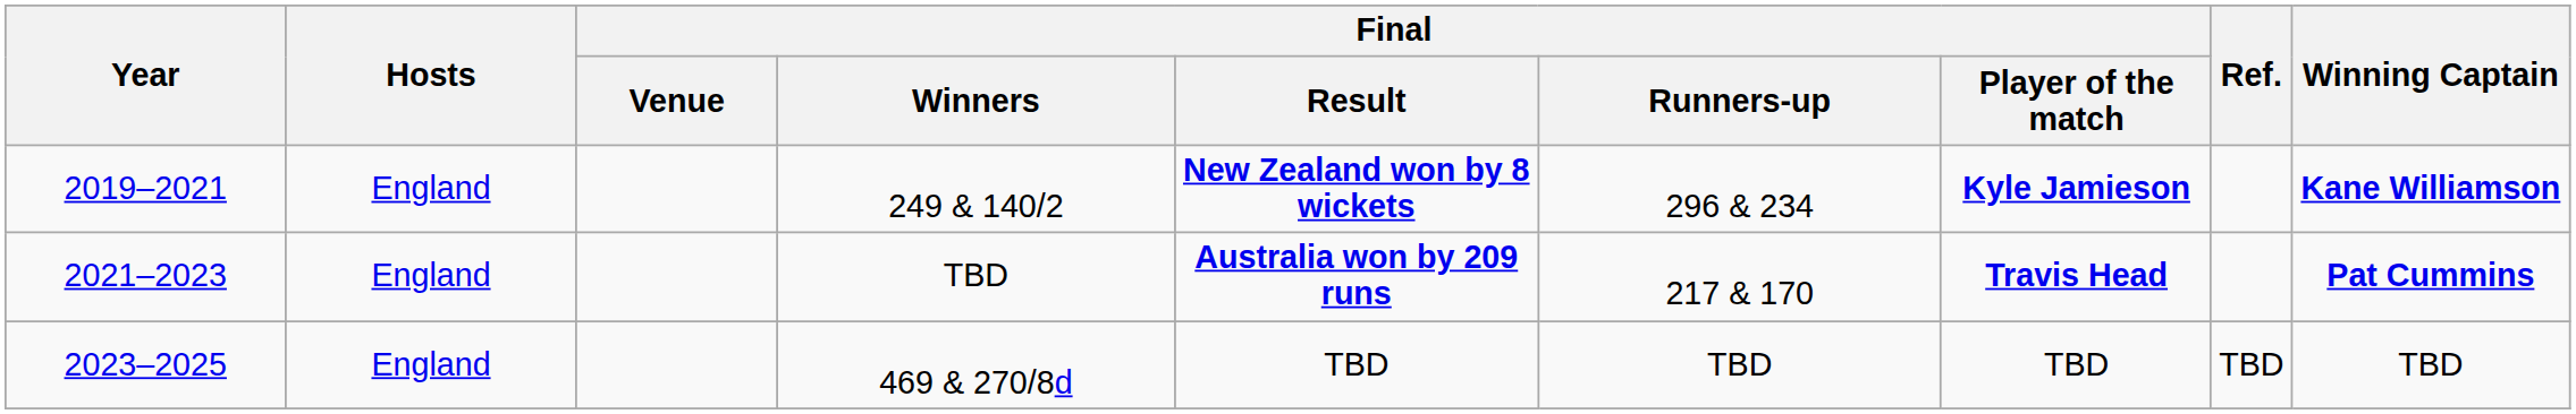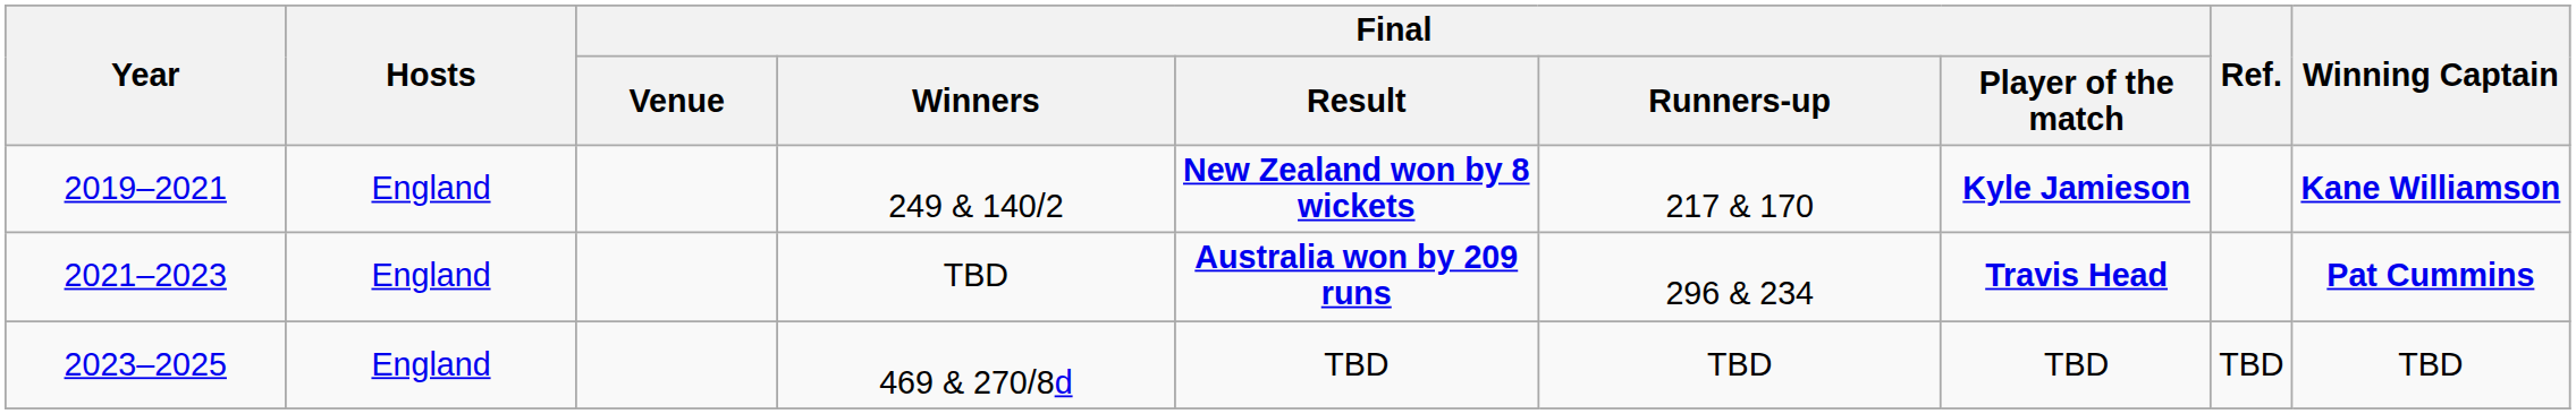 <table class="wikitable sortable" style="text-align: center;" width=100%>
 <tr>
 <th rowspan="2" scope="col" style="width:12em; padding:1px;">Year</th>
 <th rowspan="2" scope="col" style="width:12em; padding:1px;">Hosts</th>
 <th colspan="5">Final</th>
 <th rowspan="2" scope="col">Ref.</th>
 <th rowspan="2" scope="col" style="width:10em">Winning Captain</th>
 </tr>
 <tr>
 <th scope="col" style="width:8em; padding:1px;">Venue</th>
 <th style="width:17em;">Winners</th>
 <th style="width:15em;">Result</th>
 <th style="width:17em;">Runners-up</th>
 <th style="width:10em;">Player of the match</th>
 </tr>
 <tr style="background:">
 <td><a href='#'>2019–2021</a></td>
 <td> <a href='#'>England</a></td>
 <td></td>
 <td><br>249 & 140/2</td>
 <td><strong><a href='#'>New Zealand won by 8 wickets</a></strong> <br> </td>
-<td><br>296 & 234</td>
+<td><br>217 & 170</td>
 <td><strong> <a href='#'>Kyle Jamieson</a></strong></td>
 <td align=center></td>
 <td><strong> <a href='#'>Kane Williamson</a></strong></td>
 </tr>
 <tr>
 <td><a href='#'>2021–2023</a></td>
 <td> <a href='#'>England</a></td>
 <td></td>
 <td>TBD</td>
 <td><strong><a href='#'>Australia won by 209 runs</a></strong> <br></td>
-<td><br>217 & 170</td>
+<td><br>296 & 234</td>
 <td><strong> <a href='#'>Travis Head</a></strong></td>
 <td align=center></td>
 <td><strong> <a href='#'>Pat Cummins</a></strong></td>
 </tr>
 <tr>
 <td><a href='#'>2023–2025</a></td>
 <td> <a href='#'>England</a></td>
 <td></td>
 <td><br>469 & 270/8<a href='#'>d</a></td>
 <td>TBD</td>
 <td>TBD</td>
 <td>TBD</td>
 <td>TBD</td>
 <td>TBD</td>
 </tr>
 </table>
